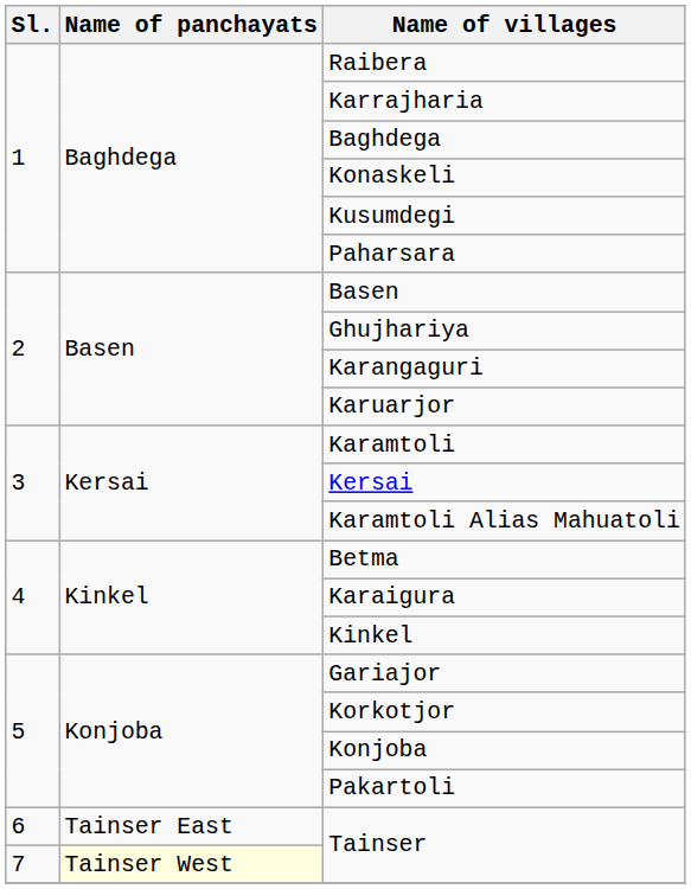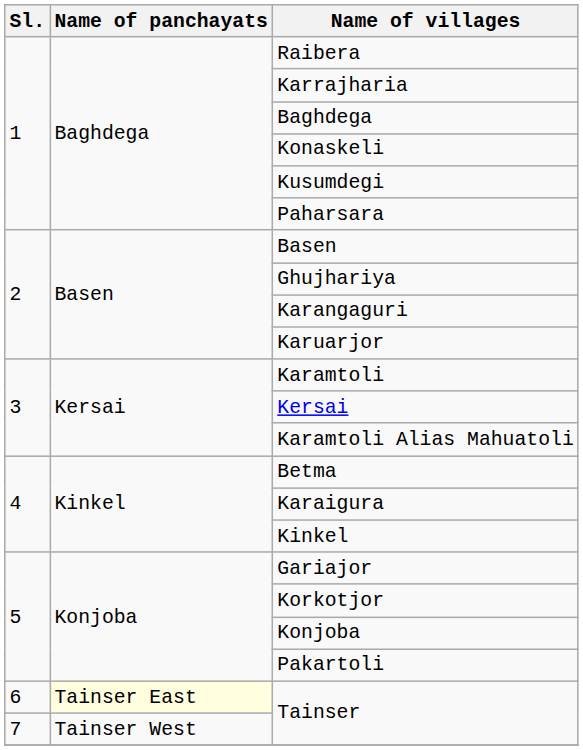 <table class="wikitable plainrowheaders sortable">
 <tr>
 <th scope="col">Sl.</th>
 <th scope="col">Name of panchayats</th>
 <th scope="col">Name of villages</th>
 </tr>
 <tr>
 <td rowspan="6">1</td>
 <td rowspan="6">Baghdega</td>
 <td>Raibera</td>
 </tr>
 <tr>
 <td>Karrajharia</td>
 </tr>
 <tr>
 <td>Baghdega</td>
 </tr>
 <tr>
 <td>Konaskeli</td>
 </tr>
 <tr>
 <td>Kusumdegi</td>
 </tr>
 <tr>
 <td>Paharsara</td>
 </tr>
 <tr>
 <td rowspan="4">2</td>
 <td rowspan="4">Basen</td>
 <td>Basen</td>
 </tr>
 <tr>
 <td>Ghujhariya</td>
 </tr>
 <tr>
 <td>Karangaguri</td>
 </tr>
 <tr>
 <td>Karuarjor</td>
 </tr>
 <tr>
 <td rowspan="3">3</td>
 <td rowspan="3">Kersai</td>
 <td>Karamtoli</td>
 </tr>
 <tr>
 <td><a href='#'>Kersai</a></td>
 </tr>
 <tr>
 <td>Karamtoli Alias Mahuatoli</td>
 </tr>
 <tr>
 <td rowspan="3">4</td>
 <td rowspan="3">Kinkel</td>
 <td>Betma</td>
 </tr>
 <tr>
 <td>Karaigura</td>
 </tr>
 <tr>
 <td>Kinkel</td>
 </tr>
 <tr>
 <td rowspan="4">5</td>
 <td rowspan="4">Konjoba</td>
 <td>Gariajor</td>
 </tr>
 <tr>
 <td>Korkotjor</td>
 </tr>
 <tr>
 <td>Konjoba</td>
 </tr>
 <tr>
 <td>Pakartoli</td>
 </tr>
 <tr>
 <td>6</td>
-<td>Tainser East</td>
+<td style="background: lightyellow;">Tainser East</td>
 <td rowspan="2">Tainser</td>
 </tr>
 <tr>
 <td>7</td>
-<td style="background: lightyellow;">Tainser West</td>
+<td>Tainser West</td>
 </tr>
 <tr>
 </tr>
 </table>
